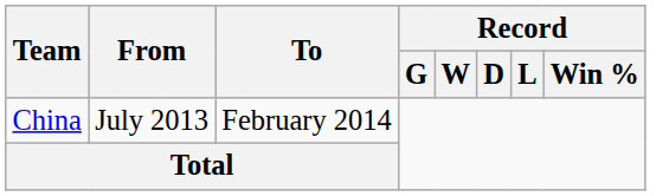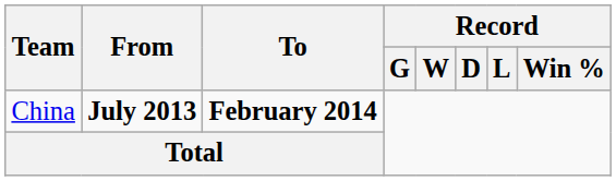 <table class="wikitable" style="text-align: center">
 <tr>
 <th rowspan="2">Team</th>
 <th rowspan="2">From</th>
 <th rowspan="2">To</th>
 <th colspan="5">Record</th>
 </tr>
 <tr>
 <th>G</th>
 <th>W</th>
 <th>D</th>
 <th>L</th>
 <th>Win %</th>
 </tr>
 <tr>
 <td align=left><a href='#'>China</a></td>
-<td align=left>July 2013</td>
-<td align=left>February 2014<br></td>
+<td align=left><strong>July 2013</strong></td>
+<td align=left><strong>February 2014<br></strong></td>
 </tr>
 <tr>
 <th colspan="3">Total<br></th>
 </tr>
 </table>
